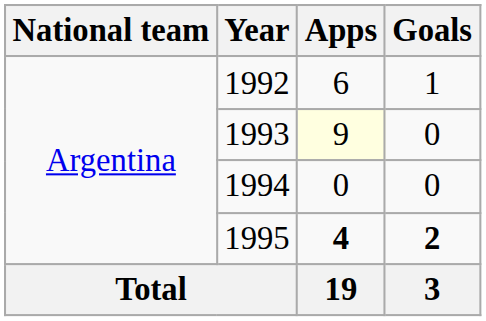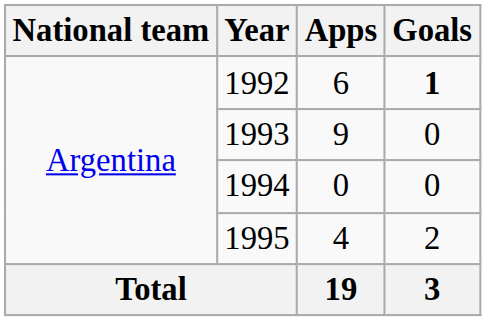 <table class="wikitable" style="text-align:center">
 <tr>
 <th>National team</th>
 <th>Year</th>
 <th>Apps</th>
 <th>Goals</th>
 </tr>
 <tr>
 <td rowspan="4"><a href='#'>Argentina</a></td>
 <td>1992</td>
 <td>6</td>
-<td>1</td>
+<td><strong>1</strong></td>
 </tr>
 <tr>
 <td>1993</td>
-<td style="background: lightyellow;">9</td>
+<td>9</td>
 <td>0</td>
 </tr>
 <tr>
 <td>1994</td>
 <td>0</td>
 <td>0</td>
 </tr>
 <tr>
 <td>1995</td>
-<td><strong>4</strong></td>
-<td><strong>2</strong></td>
+<td>4</td>
+<td>2</td>
 </tr>
 <tr>
 <th colspan="2">Total</th>
 <th>19</th>
 <th>3</th>
 </tr>
 </table>
